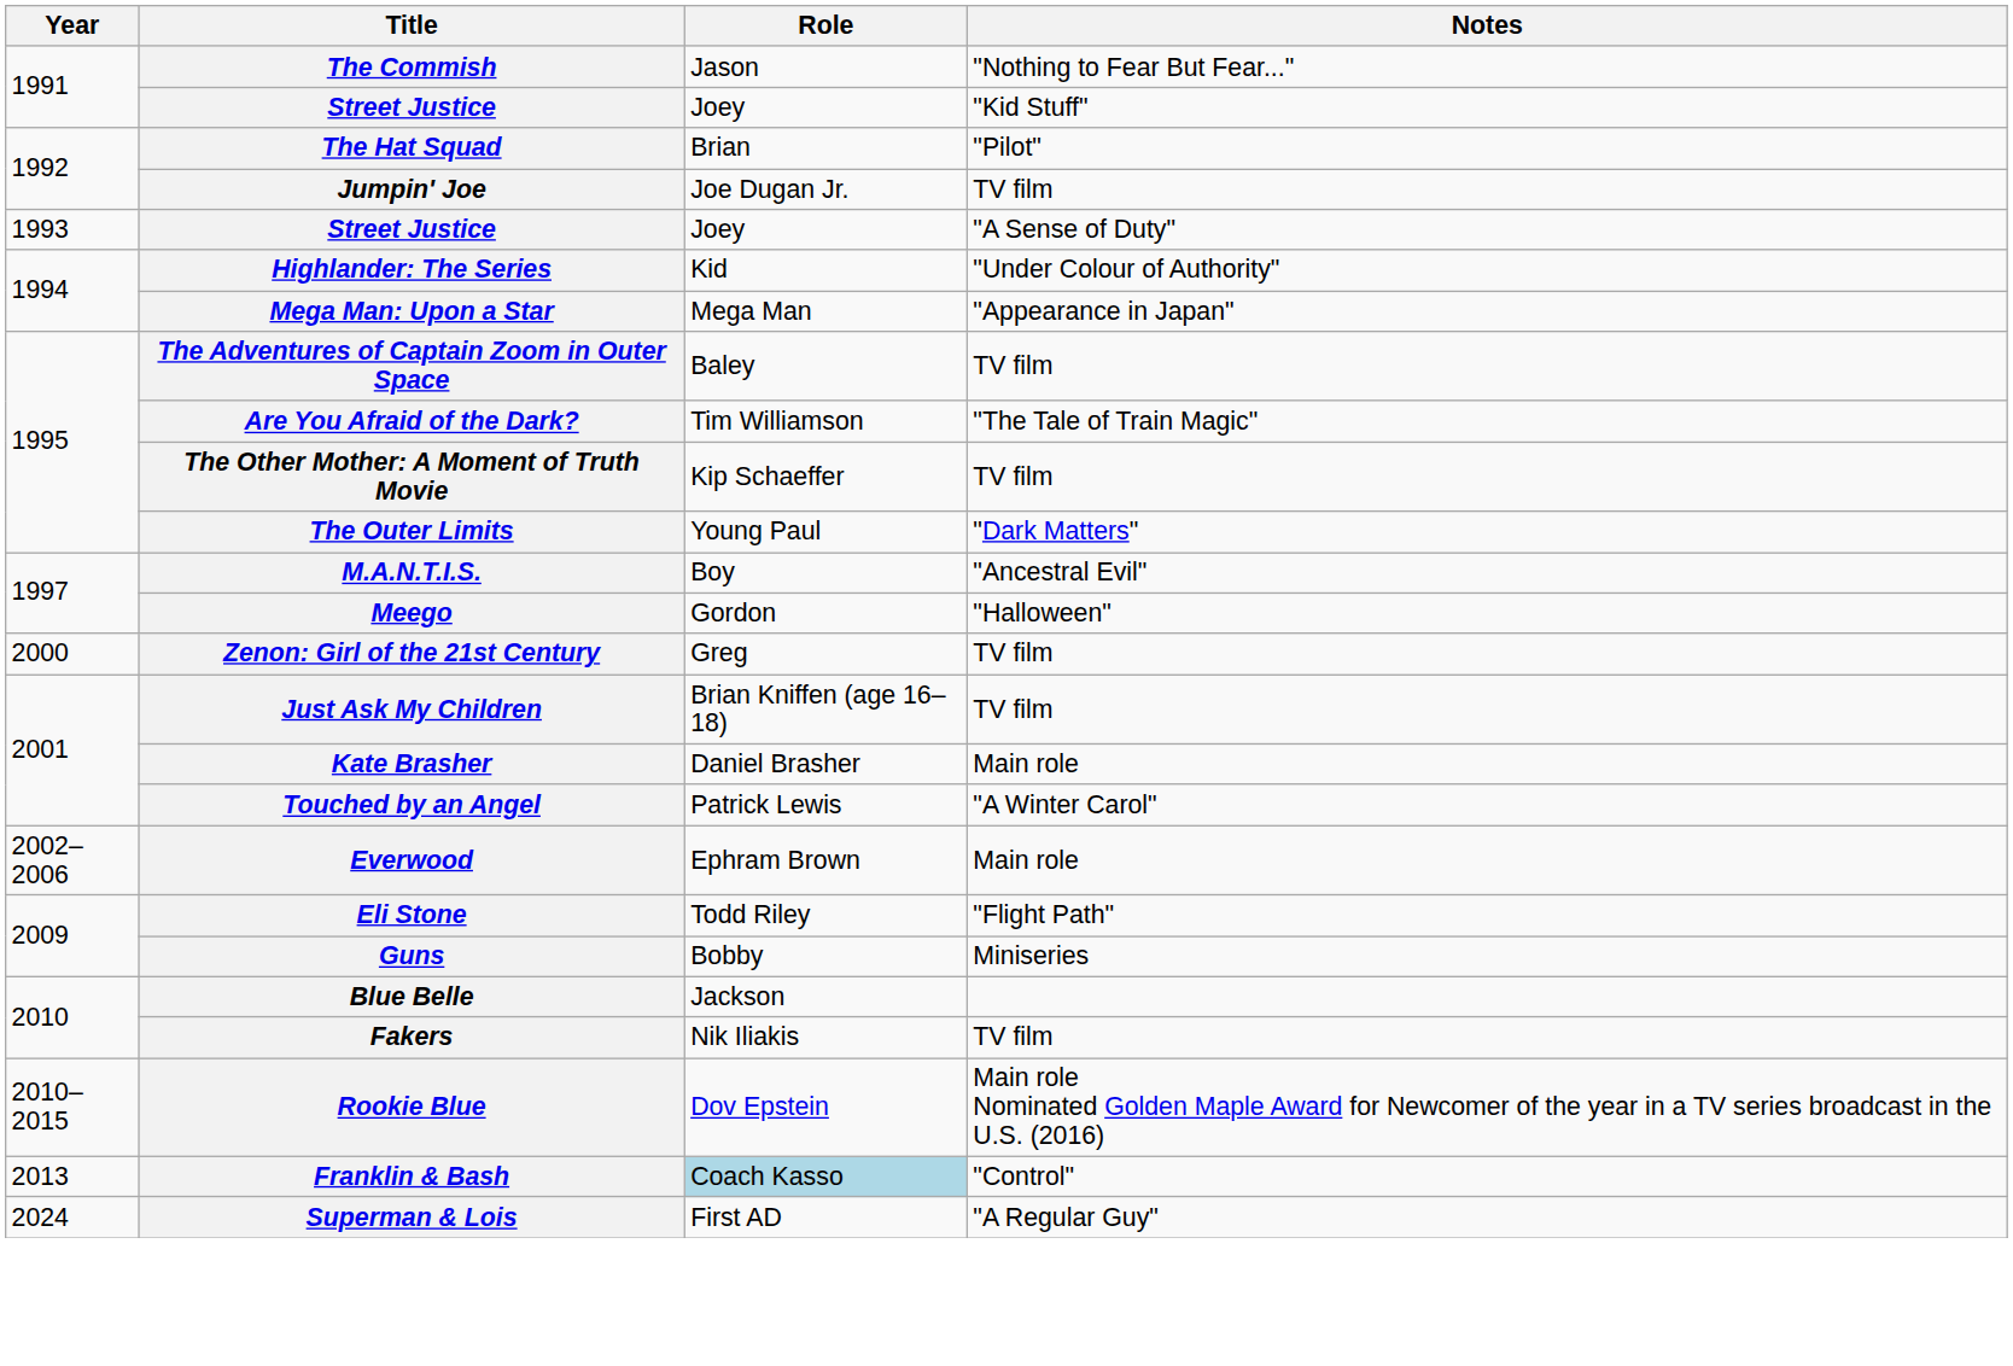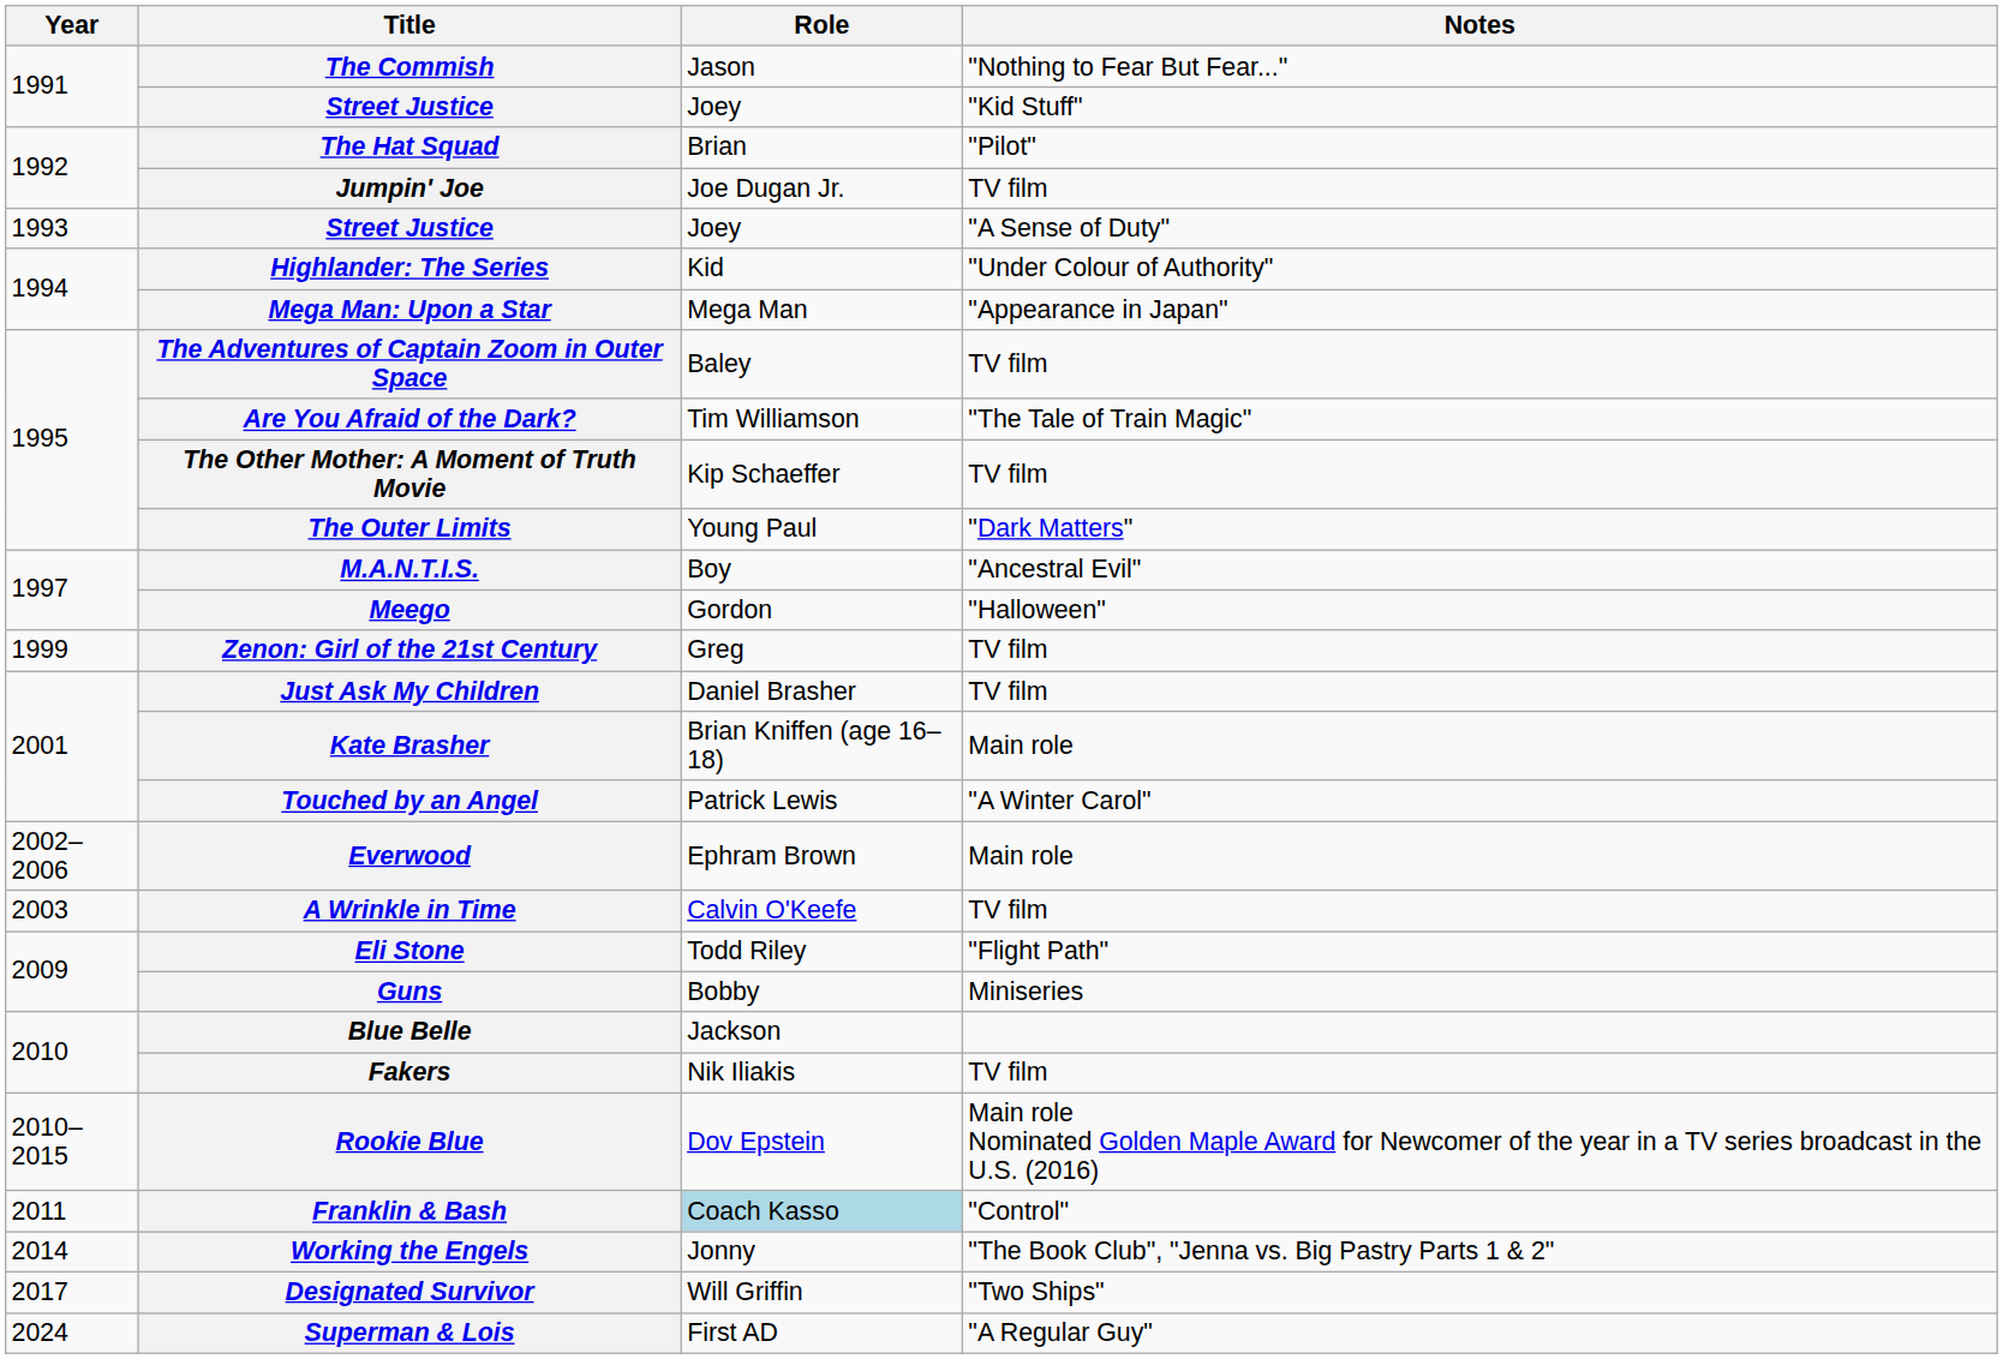 <table class="wikitable plainrowheaders sortable">
 <tr>
 <th scope="col">Year</th>
 <th scope="col">Title</th>
 <th scope="col">Role</th>
 <th scope="col" class="unsortable">Notes</th>
 </tr>
 <tr>
 <td rowspan="2">1991</td>
 <th scope="row" data-sort-value="Commish, The"><em><a href='#'>The Commish</a></em></th>
 <td>Jason</td>
 <td>"Nothing to Fear But Fear..."</td>
 </tr>
 <tr>
 <th scope="row"><em><a href='#'>Street Justice</a></em></th>
 <td>Joey</td>
 <td>"Kid Stuff"</td>
 </tr>
 <tr>
 <td rowspan="2">1992</td>
 <th scope="row" data-sort-value="Hat Squad, The"><em><a href='#'>The Hat Squad</a></em></th>
 <td>Brian</td>
 <td>"Pilot"</td>
 </tr>
 <tr>
 <th scope="row"><em>Jumpin' Joe</em></th>
 <td>Joe Dugan Jr.</td>
 <td>TV film</td>
 </tr>
 <tr>
 <td>1993</td>
 <th scope="row"><em><a href='#'>Street Justice</a></em></th>
 <td>Joey</td>
 <td>"A Sense of Duty"</td>
 </tr>
 <tr>
 <td rowspan="2">1994</td>
 <th scope="row"><em><a href='#'>Highlander: The Series</a></em></th>
 <td>Kid</td>
 <td>"Under Colour of Authority"</td>
 </tr>
 <tr>
 <th scope="row"><em><a href='#'>Mega Man: Upon a Star</a></em></th>
 <td>Mega Man</td>
 <td>"Appearance in Japan"</td>
 </tr>
 <tr>
 <td rowspan="4">1995</td>
 <th scope="row" data-sort-value="Adventures of Captain Zoom in Outer Space, The"><em><a href='#'>The Adventures of Captain Zoom in Outer Space</a></em></th>
 <td>Baley</td>
 <td>TV film</td>
 </tr>
 <tr>
 <th scope="row"><em><a href='#'>Are You Afraid of the Dark?</a></em></th>
 <td>Tim Williamson</td>
 <td>"The Tale of Train Magic"</td>
 </tr>
 <tr>
 <th scope="row" data-sort-value="Other Mother: A Moment of Truth Movie, The"><em>The Other Mother: A Moment of Truth Movie</em></th>
 <td>Kip Schaeffer</td>
 <td>TV film</td>
 </tr>
 <tr>
 <th scope="row" data-sort-value="Outer Limits, The"><em><a href='#'>The Outer Limits</a></em></th>
 <td>Young Paul</td>
 <td>"<a href='#'>Dark Matters</a>"</td>
 </tr>
 <tr>
 <td rowspan="2">1997</td>
 <th scope="row" data-sort-value="Mantis"><em><a href='#'>M.A.N.T.I.S.</a></em></th>
 <td>Boy</td>
 <td>"Ancestral Evil"</td>
 </tr>
 <tr>
 <th scope="row"><em><a href='#'>Meego</a></em></th>
 <td>Gordon</td>
 <td>"Halloween"</td>
 </tr>
 <tr>
-<td>2000</td>
+<td>1999</td>
 <th scope="row"><em><a href='#'>Zenon: Girl of the 21st Century</a></em></th>
 <td>Greg</td>
 <td>TV film</td>
 </tr>
 <tr>
 <td rowspan="3">2001</td>
 <th scope="row"><em><a href='#'>Just Ask My Children</a></em></th>
-<td>Brian Kniffen (age 16–18)</td>
+<td>Daniel Brasher</td>
 <td>TV film</td>
 </tr>
 <tr>
 <th scope="row"><em><a href='#'>Kate Brasher</a></em></th>
-<td>Daniel Brasher</td>
+<td>Brian Kniffen (age 16–18)</td>
 <td>Main role</td>
 </tr>
 <tr>
 <th scope="row"><em><a href='#'>Touched by an Angel</a></em></th>
 <td>Patrick Lewis</td>
 <td>"A Winter Carol"</td>
 </tr>
 <tr>
 <td>2002–2006</td>
 <th scope="row"><em><a href='#'>Everwood</a></em></th>
 <td>Ephram Brown</td>
 <td>Main role</td>
+</tr>
+<tr>
+<td>2003</td>
+<th scope="row" data-sort-value="Wrinkle in Time, A"><em><a href='#'>A Wrinkle in Time</a></em></th>
+<td><a href='#'>Calvin O'Keefe</a></td>
+<td>TV film</td>
 </tr>
 <tr>
 <td rowspan="2">2009</td>
 <th scope="row"><em><a href='#'>Eli Stone</a></em></th>
 <td>Todd Riley</td>
 <td>"Flight Path"</td>
 </tr>
 <tr>
 <th scope="row"><em><a href='#'>Guns</a></em></th>
 <td>Bobby</td>
 <td>Miniseries</td>
 </tr>
 <tr>
 <td rowspan="2">2010</td>
 <th scope="row"><em>Blue Belle</em></th>
 <td>Jackson</td>
 <td></td>
 </tr>
 <tr>
 <th scope="row"><em>Fakers</em></th>
 <td>Nik Iliakis</td>
 <td>TV film</td>
 </tr>
 <tr>
 <td>2010–2015</td>
 <th scope="row"><em><a href='#'>Rookie Blue</a></em></th>
 <td><a href='#'>Dov Epstein</a></td>
 <td>Main role<br>Nominated  <a href='#'>Golden Maple Award</a> for Newcomer of the year in a TV series broadcast in the U.S. (2016)</td>
 </tr>
 <tr>
-<td>2013</td>
+<td>2011</td>
 <th scope="row"><em><a href='#'>Franklin & Bash</a></em></th>
 <td style="background: lightblue;">Coach Kasso</td>
 <td>"Control"</td>
+</tr>
+<tr>
+<td>2014</td>
+<th scope="row"><em><a href='#'>Working the Engels</a></em></th>
+<td>Jonny</td>
+<td>"The Book Club", "Jenna vs. Big Pastry Parts 1 & 2"</td>
+</tr>
+<tr>
+<td>2017</td>
+<th scope="row"><em><a href='#'>Designated Survivor</a></em></th>
+<td>Will Griffin</td>
+<td>"Two Ships"</td>
 </tr>
 <tr>
 <td>2024</td>
 <th scope="row"><em><a href='#'>Superman & Lois</a></th>
 <td>First AD</td>
 <td>"A Regular Guy"</td>
 </tr>
 </table>
